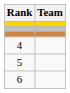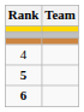 <table class="wikitable">
 <tr>
 <th>Rank</th>
 <th>Team</th>
 </tr>
 <tr style="background:gold;">
 <td align=center></td>
 <td></td>
 </tr>
 <tr style="background:silver;">
 <td align=center></td>
 <td></td>
 </tr>
 <tr style="background:peru;">
 <td align=center></td>
 <td></td>
 </tr>
 <tr>
 <td align=center>4</td>
 <td></td>
 </tr>
 <tr>
-<td align=center>5</td>
+<td align=center><strong>5</strong></td>
 <td></td>
 </tr>
 <tr>
-<td align=center>6</td>
+<td align=center><strong>6</strong></td>
 <td></td>
 </tr>
 </table>
